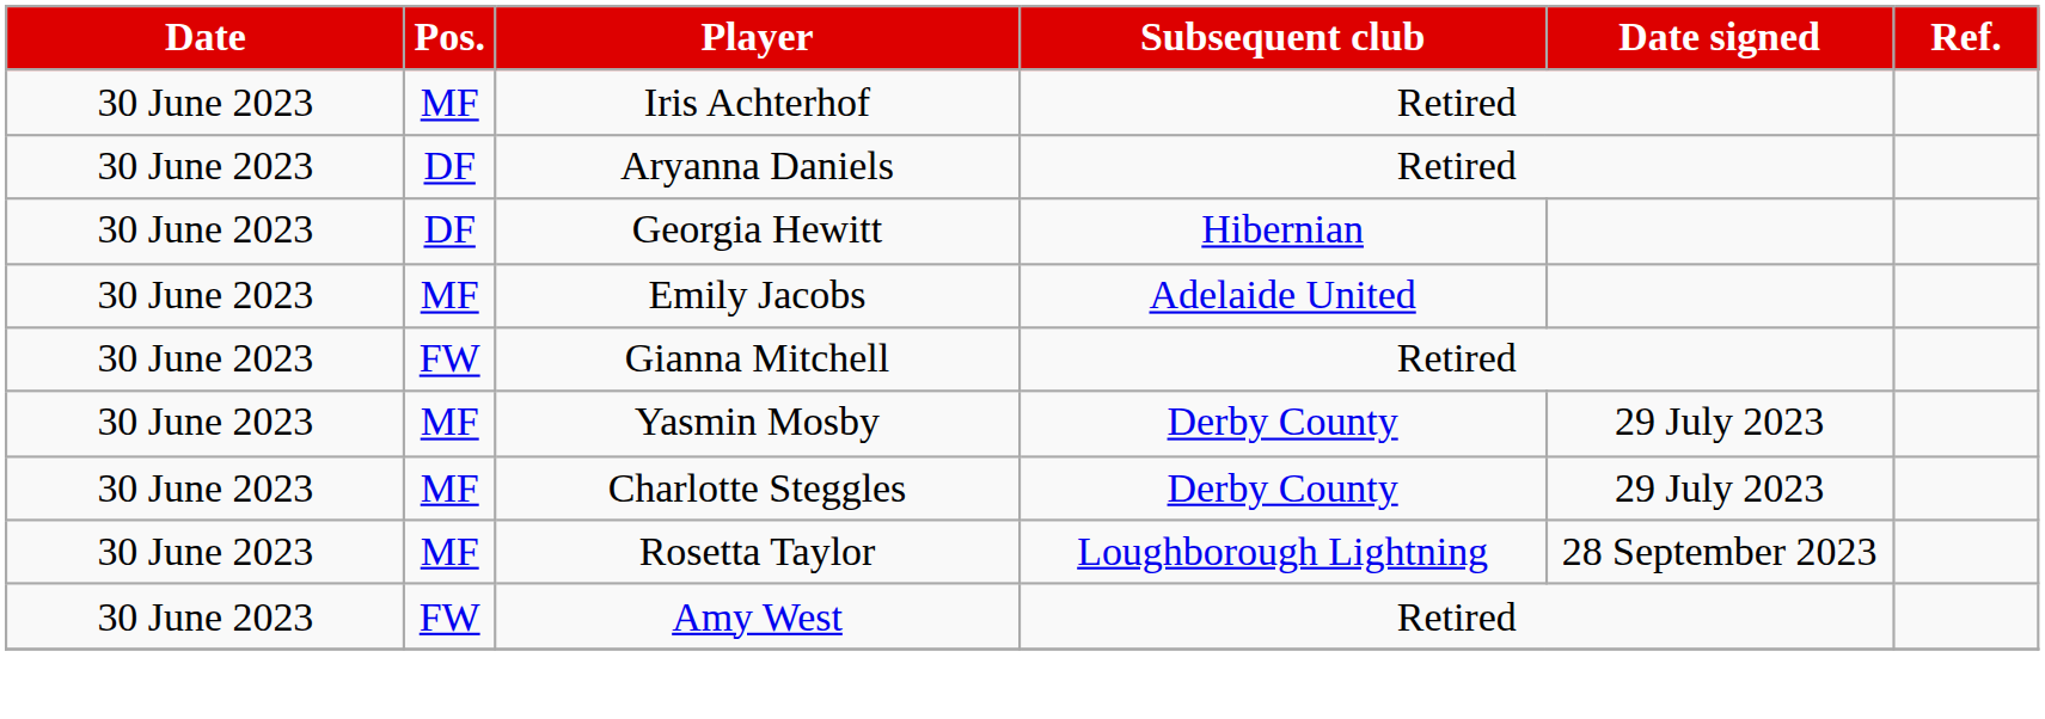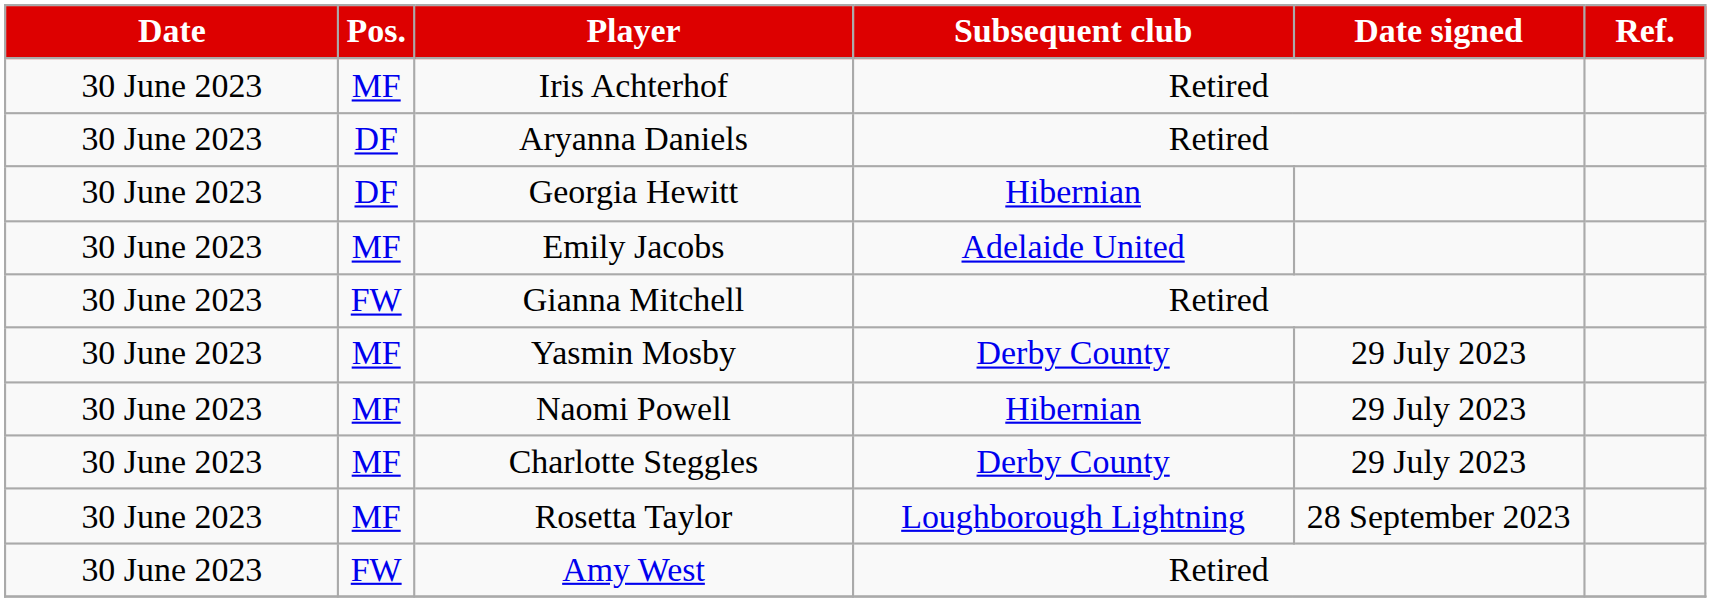 <table class="wikitable" style="text-align:center;">
 <tr>
 <th style="background:#DD0000; color:#FFFFFF; width:150px;">Date</th>
 <th style="background:#DD0000; color:#FFFFFF; width:20px;">Pos.</th>
 <th style="background:#DD0000; color:#FFFFFF; width:200px;">Player</th>
 <th style="background:#DD0000; color:#FFFFFF; width:200px;">Subsequent club</th>
 <th style="background:#DD0000; color:#FFFFFF; width:130px;">Date signed</th>
 <th style="background:#DD0000; color:#FFFFFF; width:50px;">Ref.</th>
 </tr>
 <tr>
 <td>30 June 2023</td>
 <td><a href='#'>MF</a></td>
 <td>Iris Achterhof</td>
 <td colspan="2" align=center>Retired</td>
 <td></td>
 </tr>
 <tr>
 <td>30 June 2023</td>
 <td><a href='#'>DF</a></td>
 <td>Aryanna Daniels</td>
 <td colspan="2" align=center>Retired</td>
 <td></td>
 </tr>
 <tr>
 <td>30 June 2023</td>
 <td><a href='#'>DF</a></td>
 <td>Georgia Hewitt</td>
 <td><a href='#'>Hibernian</a></td>
 <td></td>
 <td></td>
 </tr>
 <tr>
 <td>30 June 2023</td>
 <td><a href='#'>MF</a></td>
 <td>Emily Jacobs</td>
 <td><a href='#'>Adelaide United</a></td>
 <td></td>
 <td></td>
 </tr>
 <tr>
 <td>30 June 2023</td>
 <td><a href='#'>FW</a></td>
 <td>Gianna Mitchell</td>
 <td colspan="2" align=center>Retired</td>
 <td></td>
 </tr>
 <tr>
 <td>30 June 2023</td>
 <td><a href='#'>MF</a></td>
 <td>Yasmin Mosby</td>
 <td><a href='#'>Derby County</a></td>
 <td>29 July 2023</td>
 <td></td>
 </tr>
 <tr>
 <td>30 June 2023</td>
 <td><a href='#'>MF</a></td>
+<td>Naomi Powell</td>
+<td><a href='#'>Hibernian</a></td>
+<td>29 July 2023</td>
+<td></td>
+</tr>
+<tr>
+<td>30 June 2023</td>
+<td><a href='#'>MF</a></td>
 <td>Charlotte Steggles</td>
 <td><a href='#'>Derby County</a></td>
 <td>29 July 2023</td>
 <td></td>
 </tr>
 <tr>
 <td>30 June 2023</td>
 <td><a href='#'>MF</a></td>
 <td>Rosetta Taylor</td>
 <td><a href='#'>Loughborough Lightning</a></td>
 <td>28 September 2023</td>
 <td></td>
 </tr>
 <tr>
 <td>30 June 2023</td>
 <td><a href='#'>FW</a></td>
 <td><a href='#'>Amy West</a></td>
 <td colspan="2" align=center>Retired</td>
 <td></td>
 </tr>
 <tr>
 </tr>
 </table>
